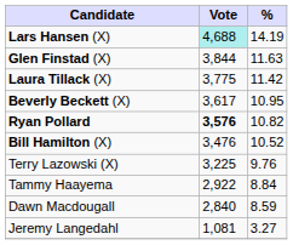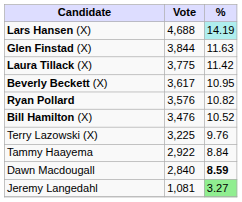 <table class="wikitable">
 <tr>
 <th style="background:#ddf; width:225px;">Candidate</th>
 <th style="background:#ddf; width:50px;">Vote</th>
 <th style="background:#ddf; width:30px;">%</th>
 </tr>
 <tr>
 <td><strong>Lars Hansen</strong> (X)</td>
-<td style="background: paleturquoise;">4,688</td>
-<td>14.19</td>
+<td>4,688</td>
+<td style="background: paleturquoise;">14.19</td>
 </tr>
 <tr>
 <td><strong>Glen Finstad</strong> (X)</td>
 <td>3,844</td>
 <td>11.63</td>
 </tr>
 <tr>
 <td><strong>Laura Tillack</strong> (X)</td>
 <td>3,775</td>
 <td>11.42</td>
 </tr>
 <tr>
 <td><strong>Beverly Beckett</strong> (X)</td>
 <td>3,617</td>
 <td>10.95</td>
 </tr>
 <tr>
 <td><strong>Ryan Pollard</strong></td>
-<td><strong>3,576</strong></td>
+<td>3,576</td>
 <td>10.82</td>
 </tr>
 <tr>
 <td><strong>Bill Hamilton</strong> (X)</td>
 <td>3,476</td>
 <td>10.52</td>
 </tr>
 <tr>
 <td>Terry Lazowski (X)</td>
 <td>3,225</td>
 <td>9.76</td>
 </tr>
 <tr>
 <td>Tammy Haayema</td>
 <td>2,922</td>
 <td>8.84</td>
 </tr>
 <tr>
 <td>Dawn Macdougall</td>
 <td>2,840</td>
-<td>8.59</td>
+<td><strong>8.59</strong></td>
 </tr>
 <tr>
 <td>Jeremy Langedahl</td>
 <td>1,081</td>
-<td>3.27</td>
+<td style="background: lightgreen;">3.27</td>
 </tr>
 <tr>
 </tr>
 </table>
